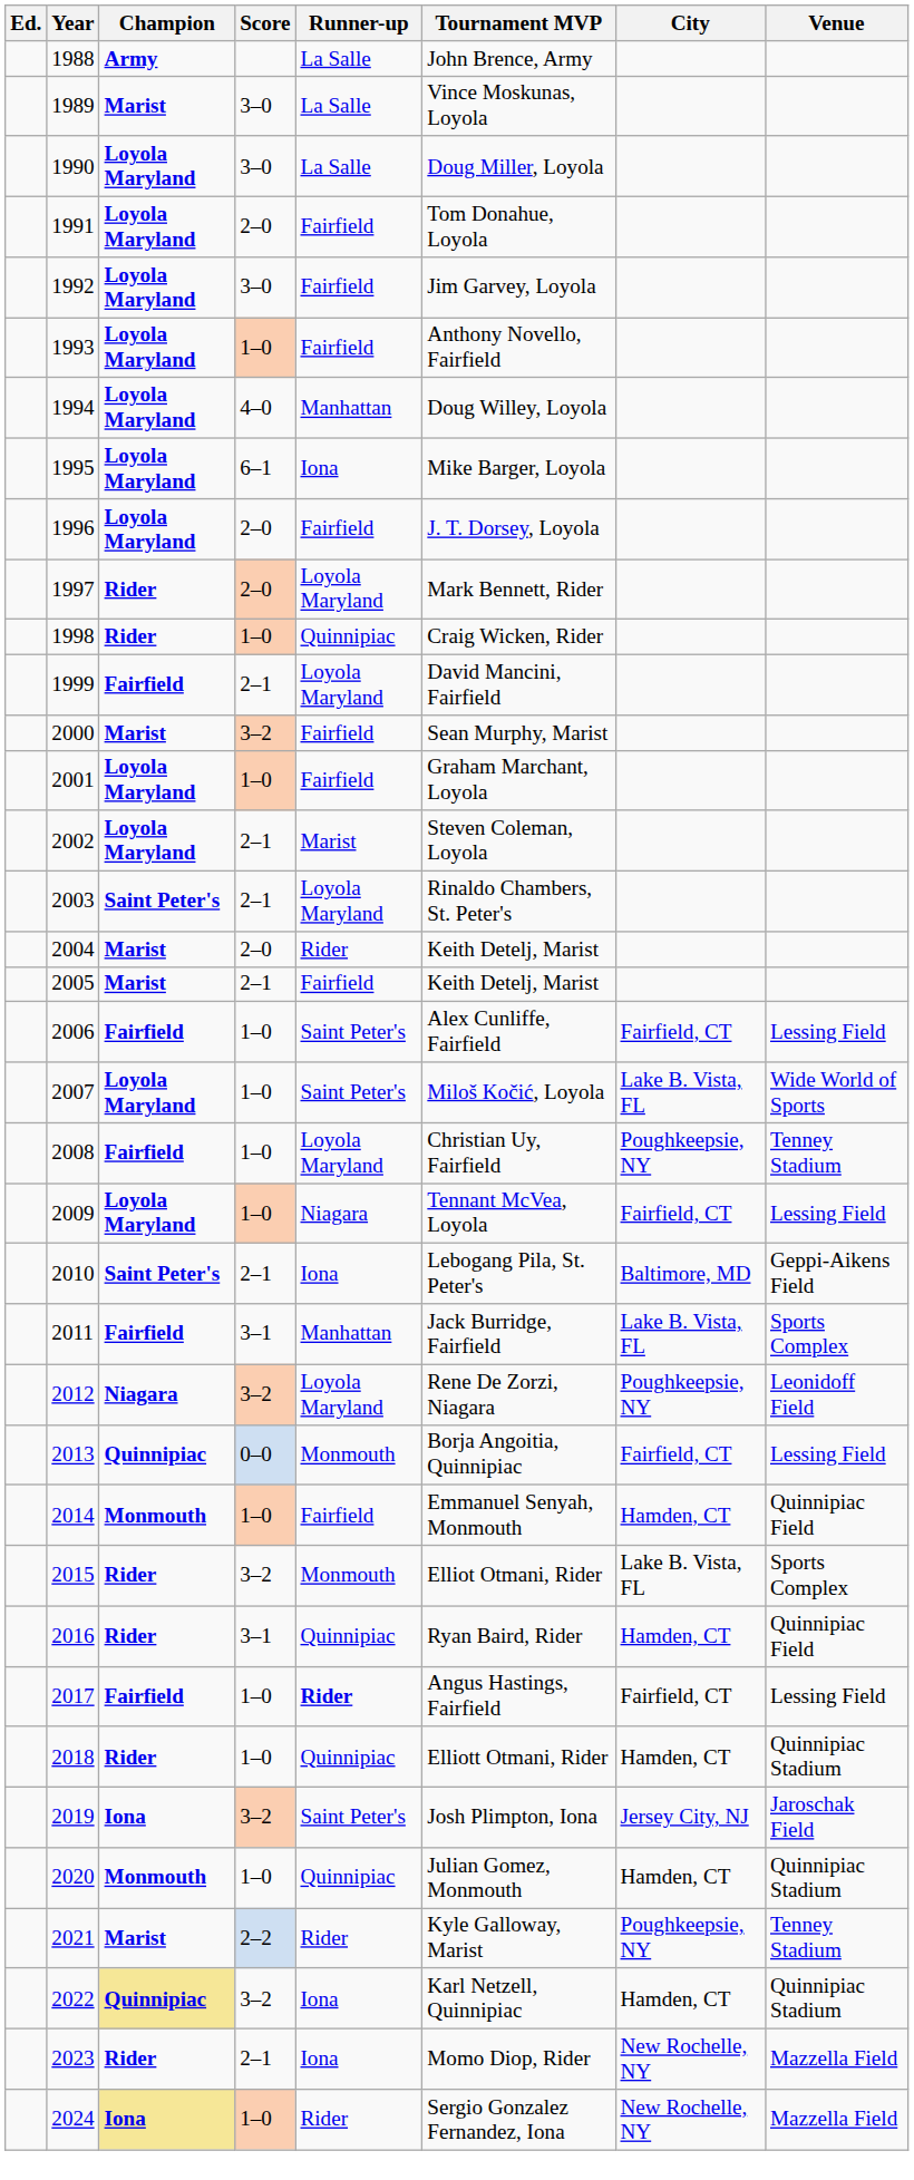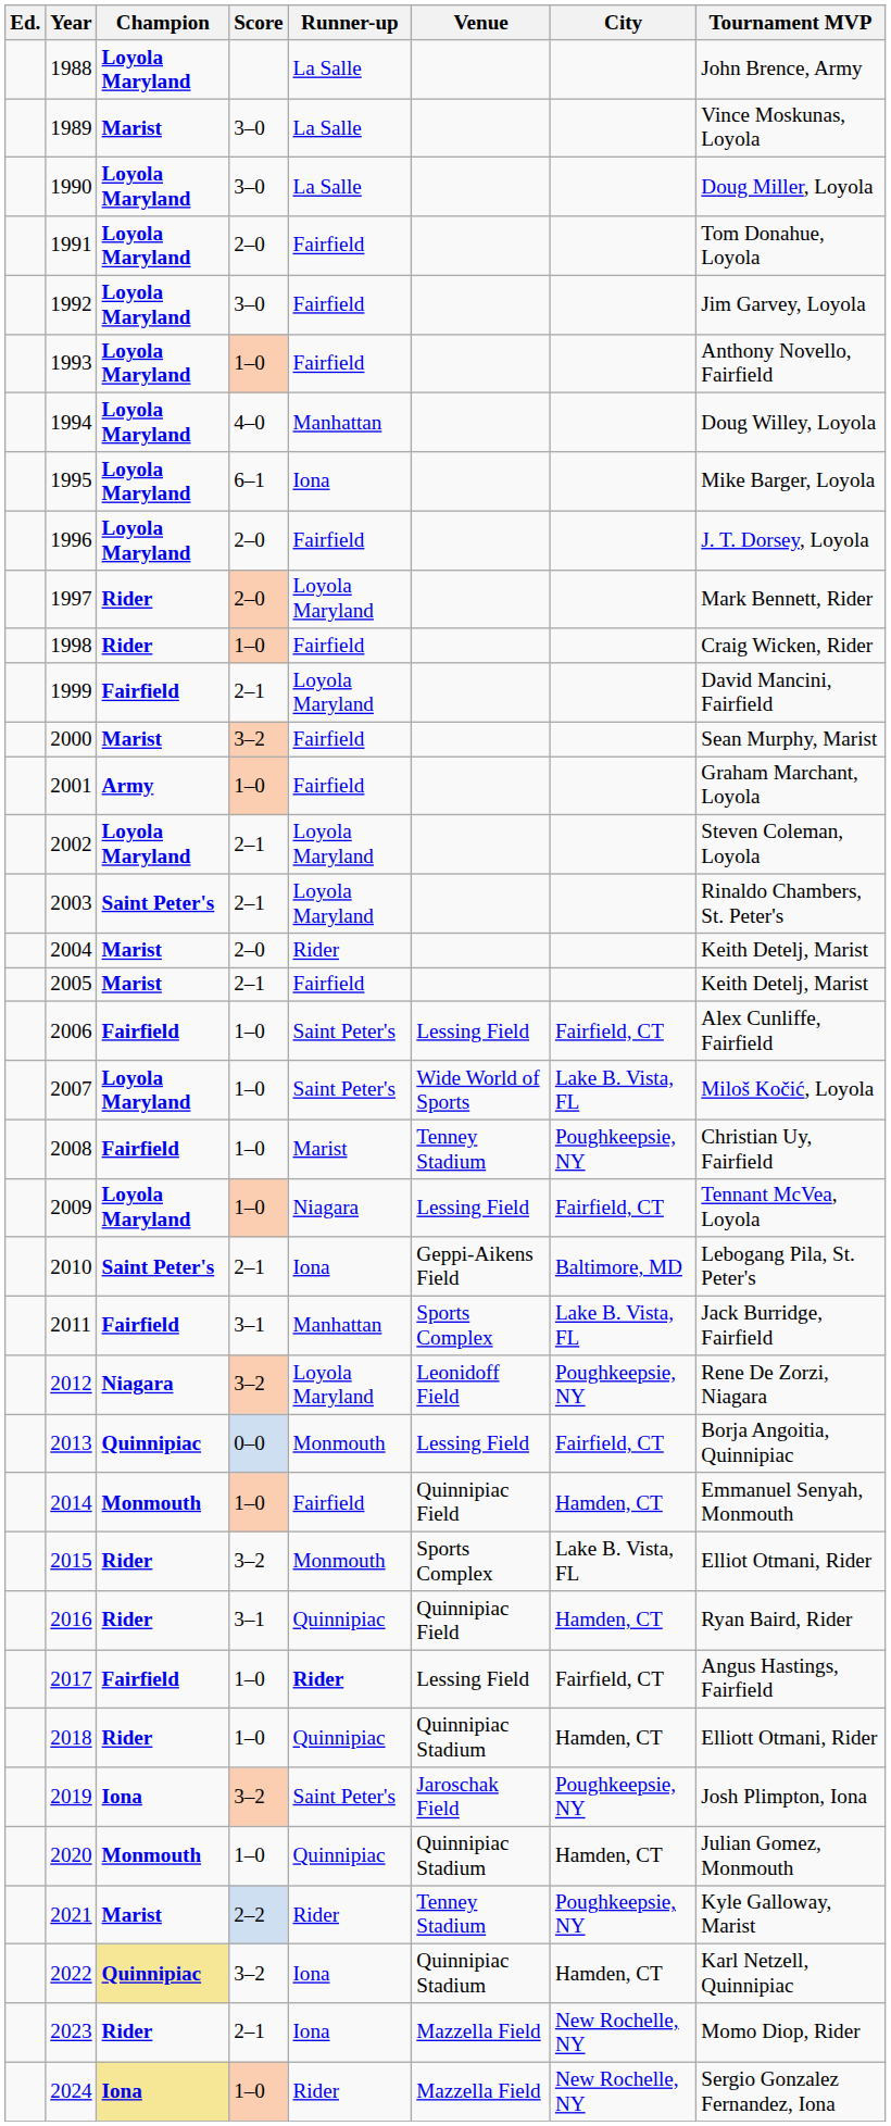 <table class="wikitable sortable"; style= "font-size:90%">
 <tr>
 <th width=px>Ed.</th>
 <th width=px>Year</th>
 <th width=px>Champion</th>
 <th width=px>Score</th>
 <th width=px>Runner-up</th>
+<th width=px>Venue</th>
+<th width=px>City</th>
 <th width=px>Tournament MVP</th>
-<th width=px>City</th>
-<th width=px>Venue</th>
 </tr>
 <tr>
 <td></td>
 <td>1988</td>
-<td><strong><a href='#'>Army</a></strong> </td>
+<td><strong><a href='#'>Loyola Maryland</a></strong> </td>
 <td></td>
 <td><a href='#'>La Salle</a></td>
-<td>John Brence, Army</td>
 <td></td>
 <td></td>
+<td>John Brence, Army</td>
 </tr>
 <tr>
 <td></td>
 <td>1989</td>
 <td><strong><a href='#'>Marist</a></strong> </td>
 <td>3–0</td>
 <td><a href='#'>La Salle</a></td>
-<td>Vince Moskunas, Loyola</td>
 <td></td>
 <td></td>
+<td>Vince Moskunas, Loyola</td>
 </tr>
 <tr>
 <td></td>
 <td>1990</td>
 <td><strong><a href='#'>Loyola Maryland</a></strong> </td>
 <td>3–0</td>
 <td><a href='#'>La Salle</a></td>
-<td><a href='#'>Doug Miller</a>, Loyola</td>
 <td></td>
 <td></td>
+<td><a href='#'>Doug Miller</a>, Loyola</td>
 </tr>
 <tr>
 <td></td>
 <td>1991</td>
 <td><strong><a href='#'>Loyola Maryland</a></strong> </td>
 <td>2–0</td>
 <td><a href='#'>Fairfield</a></td>
-<td>Tom Donahue, Loyola</td>
 <td></td>
 <td></td>
+<td>Tom Donahue, Loyola</td>
 </tr>
 <tr>
 <td></td>
 <td>1992</td>
 <td><strong><a href='#'>Loyola Maryland</a></strong> </td>
 <td>3–0</td>
 <td><a href='#'>Fairfield</a></td>
-<td>Jim Garvey, Loyola</td>
 <td></td>
 <td></td>
+<td>Jim Garvey, Loyola</td>
 </tr>
 <tr>
 <td></td>
 <td>1993</td>
 <td><strong><a href='#'>Loyola Maryland</a></strong>  </td>
 <td style="background-color:#FBCEB1">1–0 </td>
 <td><a href='#'>Fairfield</a></td>
-<td>Anthony Novello, Fairfield</td>
 <td></td>
 <td></td>
+<td>Anthony Novello, Fairfield</td>
 </tr>
 <tr>
 <td></td>
 <td>1994</td>
 <td><strong><a href='#'>Loyola Maryland</a></strong> </td>
 <td>4–0</td>
 <td><a href='#'>Manhattan</a></td>
-<td>Doug Willey, Loyola</td>
 <td></td>
 <td></td>
+<td>Doug Willey, Loyola</td>
 </tr>
 <tr>
 <td></td>
 <td>1995</td>
 <td><strong><a href='#'>Loyola Maryland</a></strong> </td>
 <td>6–1</td>
 <td><a href='#'>Iona</a></td>
-<td>Mike Barger, Loyola</td>
 <td></td>
 <td></td>
+<td>Mike Barger, Loyola</td>
 </tr>
 <tr>
 <td></td>
 <td>1996</td>
 <td><strong><a href='#'>Loyola Maryland</a></strong> </td>
 <td>2–0</td>
 <td><a href='#'>Fairfield</a></td>
-<td><a href='#'>J. T. Dorsey</a>, Loyola</td>
 <td></td>
 <td></td>
+<td><a href='#'>J. T. Dorsey</a>, Loyola</td>
 </tr>
 <tr>
 <td></td>
 <td>1997</td>
 <td><strong><a href='#'>Rider</a></strong> </td>
 <td style="background-color:#FBCEB1">2–0 </td>
 <td><a href='#'>Loyola Maryland</a></td>
-<td>Mark Bennett, Rider</td>
 <td></td>
 <td></td>
+<td>Mark Bennett, Rider</td>
 </tr>
 <tr>
 <td></td>
 <td>1998</td>
 <td><strong><a href='#'>Rider</a></strong> </td>
 <td style="background-color:#FBCEB1">1–0 </td>
-<td><a href='#'>Quinnipiac</a></td>
-<td>Craig Wicken, Rider</td>
+<td><a href='#'>Fairfield</a></td>
 <td></td>
 <td></td>
+<td>Craig Wicken, Rider</td>
 </tr>
 <tr>
 <td></td>
 <td>1999</td>
 <td><strong><a href='#'>Fairfield</a></strong> </td>
 <td>2–1</td>
 <td><a href='#'>Loyola Maryland</a></td>
-<td>David Mancini, Fairfield</td>
 <td></td>
 <td></td>
+<td>David Mancini, Fairfield</td>
 </tr>
 <tr>
 <td></td>
 <td>2000</td>
 <td><strong><a href='#'>Marist</a></strong> </td>
 <td style="background-color:#FBCEB1">3–2 </td>
 <td><a href='#'>Fairfield</a></td>
-<td>Sean Murphy, Marist</td>
 <td></td>
 <td></td>
+<td>Sean Murphy, Marist</td>
 </tr>
 <tr>
 <td></td>
 <td>2001</td>
-<td><strong><a href='#'>Loyola Maryland</a></strong> </td>
+<td><strong><a href='#'>Army</a></strong> </td>
 <td style="background-color:#FBCEB1">1–0 </td>
 <td><a href='#'>Fairfield</a></td>
-<td>Graham Marchant, Loyola</td>
 <td></td>
 <td></td>
+<td>Graham Marchant, Loyola</td>
 </tr>
 <tr>
 <td></td>
 <td>2002</td>
 <td><strong><a href='#'>Loyola Maryland</a></strong> </td>
 <td>2–1</td>
-<td><a href='#'>Marist</a></td>
-<td>Steven Coleman, Loyola</td>
+<td><a href='#'>Loyola Maryland</a></td>
 <td></td>
 <td></td>
+<td>Steven Coleman, Loyola</td>
 </tr>
 <tr>
 <td></td>
 <td>2003</td>
 <td><strong><a href='#'>Saint Peter's</a></strong> </td>
 <td>2–1</td>
 <td><a href='#'>Loyola Maryland</a></td>
-<td>Rinaldo Chambers, St. Peter's</td>
 <td></td>
 <td></td>
+<td>Rinaldo Chambers, St. Peter's</td>
 </tr>
 <tr>
 <td></td>
 <td>2004</td>
 <td><strong><a href='#'>Marist</a></strong> </td>
 <td>2–0</td>
 <td><a href='#'>Rider</a></td>
-<td>Keith Detelj, Marist</td>
 <td></td>
 <td></td>
+<td>Keith Detelj, Marist</td>
 </tr>
 <tr>
 <td></td>
 <td>2005</td>
 <td><strong><a href='#'>Marist</a></strong> </td>
 <td>2–1</td>
 <td><a href='#'>Fairfield</a></td>
-<td>Keith Detelj, Marist</td>
 <td></td>
 <td></td>
+<td>Keith Detelj, Marist</td>
 </tr>
 <tr>
 <td></td>
 <td>2006</td>
 <td><strong><a href='#'>Fairfield</a></strong> </td>
 <td>1–0</td>
 <td><a href='#'>Saint Peter's</a></td>
+<td><a href='#'>Lessing Field</a></td>
+<td><a href='#'>Fairfield, CT</a></td>
 <td>Alex Cunliffe, Fairfield</td>
-<td><a href='#'>Fairfield, CT</a></td>
-<td><a href='#'>Lessing Field</a></td>
 </tr>
 <tr>
 <td></td>
 <td>2007</td>
 <td><strong><a href='#'>Loyola Maryland</a></strong> </td>
 <td>1–0</td>
 <td><a href='#'>Saint Peter's</a></td>
+<td><a href='#'>Wide World of Sports</a></td>
+<td><a href='#'>Lake B. Vista, FL</a></td>
 <td><a href='#'>Miloš Kočić</a>, Loyola</td>
-<td><a href='#'>Lake B. Vista, FL</a></td>
-<td><a href='#'>Wide World of Sports</a></td>
 </tr>
 <tr>
 <td></td>
 <td>2008</td>
 <td><strong><a href='#'>Fairfield</a></strong> </td>
 <td>1–0</td>
-<td><a href='#'>Loyola Maryland</a></td>
+<td><a href='#'>Marist</a></td>
+<td><a href='#'>Tenney Stadium</a></td>
+<td><a href='#'>Poughkeepsie, NY</a></td>
 <td>Christian Uy, Fairfield</td>
-<td><a href='#'>Poughkeepsie, NY</a></td>
-<td><a href='#'>Tenney Stadium</a></td>
 </tr>
 <tr>
 <td></td>
 <td>2009</td>
 <td><strong><a href='#'>Loyola Maryland</a></strong> </td>
 <td style="background-color:#FBCEB1">1–0 </td>
 <td><a href='#'>Niagara</a></td>
+<td><a href='#'>Lessing Field</a></td>
+<td><a href='#'>Fairfield, CT</a></td>
 <td><a href='#'>Tennant McVea</a>, Loyola</td>
-<td><a href='#'>Fairfield, CT</a></td>
-<td><a href='#'>Lessing Field</a></td>
 </tr>
 <tr>
 <td></td>
 <td>2010</td>
 <td><strong><a href='#'>Saint Peter's</a></strong> </td>
 <td>2–1</td>
 <td><a href='#'>Iona</a></td>
+<td>Geppi-Aikens Field</td>
+<td><a href='#'>Baltimore, MD</a></td>
 <td>Lebogang Pila, St. Peter's</td>
-<td><a href='#'>Baltimore, MD</a></td>
-<td>Geppi-Aikens Field</td>
 </tr>
 <tr>
 <td></td>
 <td>2011</td>
 <td><strong><a href='#'>Fairfield</a></strong> </td>
 <td>3–1</td>
 <td><a href='#'>Manhattan</a></td>
+<td><a href='#'>Sports Complex</a></td>
+<td><a href='#'>Lake B. Vista, FL</a></td>
 <td>Jack Burridge, Fairfield</td>
-<td><a href='#'>Lake B. Vista, FL</a></td>
-<td><a href='#'>Sports Complex</a></td>
 </tr>
 <tr>
 <td></td>
 <td><a href='#'>2012</a></td>
 <td><strong><a href='#'>Niagara</a></strong> </td>
 <td style="background-color:#FBCEB1">3–2 </td>
 <td><a href='#'>Loyola Maryland</a></td>
+<td><a href='#'>Leonidoff Field</a></td>
+<td><a href='#'>Poughkeepsie, NY</a></td>
 <td>Rene De Zorzi, Niagara</td>
-<td><a href='#'>Poughkeepsie, NY</a></td>
-<td><a href='#'>Leonidoff Field</a></td>
 </tr>
 <tr>
 <td></td>
 <td><a href='#'>2013</a></td>
 <td><strong><a href='#'>Quinnipiac</a></strong> </td>
 <td style="background-color:#cedff2">0–0  </td>
 <td><a href='#'>Monmouth</a></td>
+<td><a href='#'>Lessing Field</a></td>
+<td><a href='#'>Fairfield, CT</a></td>
 <td>Borja Angoitia, Quinnipiac</td>
-<td><a href='#'>Fairfield, CT</a></td>
-<td><a href='#'>Lessing Field</a></td>
 </tr>
 <tr>
 <td></td>
 <td><a href='#'>2014</a></td>
 <td><strong><a href='#'>Monmouth</a></strong> </td>
 <td style="background-color:#FBCEB1">1–0 </td>
 <td><a href='#'>Fairfield</a></td>
+<td>Quinnipiac Field</td>
+<td><a href='#'>Hamden, CT</a></td>
 <td>Emmanuel Senyah, Monmouth</td>
-<td><a href='#'>Hamden, CT</a></td>
-<td>Quinnipiac Field</td>
 </tr>
 <tr>
 <td></td>
 <td><a href='#'>2015</a></td>
 <td><strong><a href='#'>Rider</a></strong> </td>
 <td>3–2</td>
 <td><a href='#'>Monmouth</a></td>
+<td>Sports Complex</td>
+<td>Lake B. Vista, FL</td>
 <td>Elliot Otmani, Rider</td>
-<td>Lake B. Vista, FL</td>
-<td>Sports Complex</td>
 </tr>
 <tr>
 <td></td>
 <td><a href='#'>2016</a></td>
 <td><strong><a href='#'>Rider</a></strong> </td>
 <td>3–1</td>
 <td><a href='#'>Quinnipiac</a></td>
+<td>Quinnipiac Field</td>
+<td><a href='#'>Hamden, CT</a></td>
 <td>Ryan Baird, Rider</td>
-<td><a href='#'>Hamden, CT</a></td>
-<td>Quinnipiac Field</td>
 </tr>
 <tr>
 <td></td>
 <td><a href='#'>2017</a></td>
 <td><strong><a href='#'>Fairfield</a></strong> </td>
 <td>1–0</td>
 <td><strong><a href='#'>Rider</a></strong></td>
+<td>Lessing Field</td>
+<td>Fairfield, CT</td>
 <td>Angus Hastings, Fairfield</td>
-<td>Fairfield, CT</td>
-<td>Lessing Field</td>
 </tr>
 <tr>
 <td></td>
 <td><a href='#'>2018</a></td>
 <td><strong><a href='#'>Rider</a></strong> </td>
 <td>1–0</td>
 <td><a href='#'>Quinnipiac</a></td>
+<td>Quinnipiac Stadium</td>
+<td>Hamden, CT</td>
 <td>Elliott Otmani, Rider</td>
-<td>Hamden, CT</td>
-<td>Quinnipiac Stadium</td>
 </tr>
 <tr>
 <td></td>
 <td><a href='#'>2019</a></td>
 <td><strong><a href='#'>Iona</a></strong> </td>
 <td style="background-color:#FBCEB1">3–2 </td>
 <td><a href='#'>Saint Peter's</a></td>
+<td><a href='#'>Jaroschak Field</a></td>
+<td><a href='#'>Poughkeepsie, NY</a></td>
 <td>Josh Plimpton, Iona</td>
-<td><a href='#'>Jersey City, NJ</a></td>
-<td><a href='#'>Jaroschak Field</a></td>
 </tr>
 <tr>
 <td></td>
 <td><a href='#'>2020</a></td>
 <td><strong><a href='#'>Monmouth</a></strong> </td>
 <td>1–0</td>
 <td><a href='#'>Quinnipiac</a></td>
+<td>Quinnipiac Stadium</td>
+<td>Hamden, CT</td>
 <td>Julian Gomez, Monmouth</td>
-<td>Hamden, CT</td>
-<td>Quinnipiac Stadium</td>
 </tr>
 <tr>
 <td></td>
 <td><a href='#'>2021</a></td>
 <td><strong><a href='#'>Marist</a></strong> </td>
 <td style="background-color:#cedff2">2–2  </td>
 <td><a href='#'>Rider</a></td>
+<td><a href='#'>Tenney Stadium</a></td>
+<td><a href='#'>Poughkeepsie, NY</a></td>
 <td>Kyle Galloway, Marist</td>
-<td><a href='#'>Poughkeepsie, NY</a></td>
-<td><a href='#'>Tenney Stadium</a></td>
 </tr>
 <tr>
 <td></td>
 <td><a href='#'>2022</a></td>
 <td bgcolor=#F6E797><strong><a href='#'>Quinnipiac</a></strong> </td>
 <td>3–2</td>
 <td><a href='#'>Iona</a></td>
+<td>Quinnipiac Stadium</td>
+<td>Hamden, CT</td>
 <td>Karl Netzell, Quinnipiac</td>
-<td>Hamden, CT</td>
-<td>Quinnipiac Stadium</td>
 </tr>
 <tr>
 <td></td>
 <td><a href='#'>2023</a></td>
 <td><strong><a href='#'>Rider</a></strong> </td>
 <td>2–1</td>
 <td><a href='#'>Iona</a></td>
+<td><a href='#'>Mazzella Field</a></td>
+<td><a href='#'>New Rochelle, NY</a></td>
 <td>Momo Diop, Rider</td>
-<td><a href='#'>New Rochelle, NY</a></td>
-<td><a href='#'>Mazzella Field</a></td>
 </tr>
 <tr>
 <td></td>
 <td><a href='#'>2024</a></td>
 <td bgcolor=#F6E797><strong><a href='#'>Iona</a></strong> </td>
 <td style="background-color:#FBCEB1">1–0 </td>
 <td><a href='#'>Rider</a></td>
+<td><a href='#'>Mazzella Field</a></td>
+<td><a href='#'>New Rochelle, NY</a></td>
 <td>Sergio Gonzalez Fernandez, Iona</td>
-<td><a href='#'>New Rochelle, NY</a></td>
-<td><a href='#'>Mazzella Field</a></td>
 </tr>
 </table>
